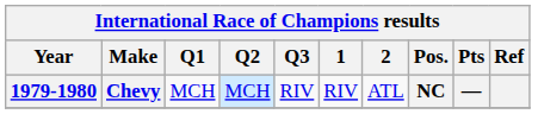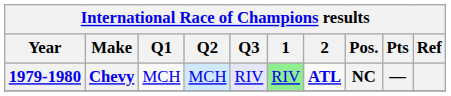 <table class="wikitable" style="text-align:center; font-size:75%">
 <tr>
 <th colspan=12><a href='#'>International Race of Champions</a> results</th>
 </tr>
 <tr>
 <th>Year</th>
 <th>Make</th>
 <th>Q1</th>
 <th>Q2</th>
 <th>Q3</th>
 <th>1</th>
 <th>2</th>
 <th>Pos.</th>
 <th>Pts</th>
 <th>Ref</th>
 </tr>
 <tr>
 <th><a href='#'>1979-1980</a></th>
 <th><a href='#'>Chevy</a></th>
 <td><a href='#'>MCH</a></td>
 <td style="background:#CFEAFF;"><a href='#'>MCH</a><br></td>
-<td><a href='#'>RIV</a></td>
-<td><a href='#'>RIV</a></td>
-<td><a href='#'>ATL</a></td>
+<td style="background: lavender;"><a href='#'>RIV</a></td>
+<td style="background: lightgreen;"><a href='#'>RIV</a></td>
+<td><strong><a href='#'>ATL</a></strong></td>
 <th>NC</th>
 <th>—</th>
 <th></th>
 </tr>
 <tr>
 </tr>
 </table>
